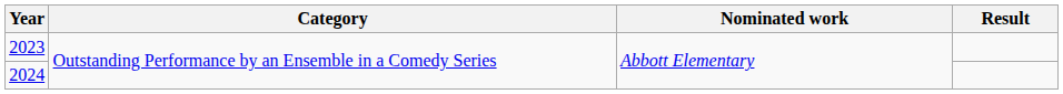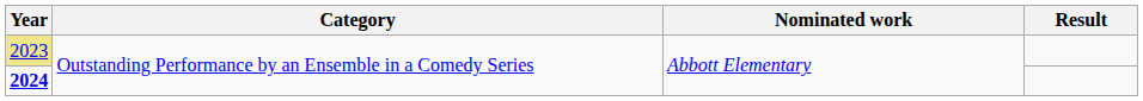 <table class="wikitable sortable" width = 75%>
 <tr>
 <th width=4%>Year</th>
 <th width=54%>Category</th>
 <th width=32%>Nominated work</th>
 <th width=10%>Result</th>
 </tr>
 <tr>
-<td align="center"><a href='#'>2023</a></td>
+<td align="center" style="background: khaki;"><a href='#'>2023</a></td>
 <td rowspan="2"><a href='#'>Outstanding Performance by an Ensemble in a Comedy Series</a></td>
 <td rowspan="2"><em><a href='#'>Abbott Elementary</a></em></td>
 <td></td>
 </tr>
 <tr>
-<td align="center"><a href='#'>2024</a></td>
+<td align="center"><strong><a href='#'>2024</a></strong></td>
 <td></td>
 </tr>
 <tr>
 </tr>
 </table>
